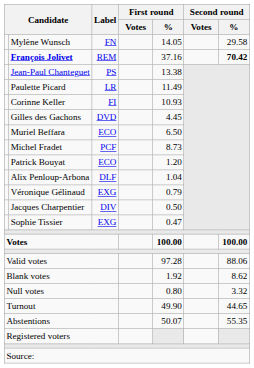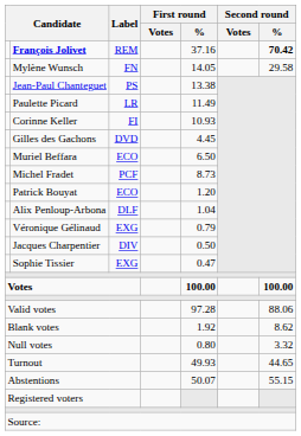 <table class="wikitable" style="text-align:right;font-size:95%;">
 <tr>
 <th rowspan="2" colspan="2">Candidate</th>
 <th rowspan="2">Label</th>
 <th colspan="2">First round</th>
 <th colspan="2">Second round</th>
 </tr>
 <tr>
 <th style="width:50px;">Votes</th>
 <th style="width:45px;">%</th>
 <th style="width:50px;">Votes</th>
 <th style="width:45px;">%</th>
 </tr>
 <tr>
 <td style="color:inherit;background:"></td>
+<td style="text-align:left;"><strong><a href='#'>François Jolivet</a></strong></td>
+<td><a href='#'>REM</a></td>
+<td></td>
+<td>37.16</td>
+<td><strong></strong></td>
+<td><strong>70.42</strong></td>
+</tr>
+<tr>
+<td style="color:inherit;background:"></td>
 <td style="text-align:left;">Mylène Wunsch</td>
 <td><a href='#'>FN</a></td>
 <td></td>
 <td>14.05</td>
 <td></td>
 <td>29.58</td>
-</tr>
-<tr>
-<td style="color:inherit;background:"></td>
-<td style="text-align:left;"><strong><a href='#'>François Jolivet</a></strong></td>
-<td><a href='#'>REM</a></td>
-<td></td>
-<td>37.16</td>
-<td><strong></strong></td>
-<td><strong>70.42</strong></td>
 </tr>
 <tr>
 <td style="color:inherit;background:"></td>
 <td style="text-align:left;"><a href='#'>Jean-Paul Chanteguet</a></td>
 <td><a href='#'>PS</a></td>
 <td></td>
 <td>13.38</td>
 <td colspan="2" rowspan="11" style="background:#E9E9E9;"></td>
 </tr>
 <tr>
 <td style="color:inherit;background:"></td>
 <td style="text-align:left;">Paulette Picard</td>
 <td><a href='#'>LR</a></td>
 <td></td>
 <td>11.49</td>
 </tr>
 <tr>
 <td style="color:inherit;background:"></td>
 <td style="text-align:left;">Corinne Keller</td>
 <td><a href='#'>FI</a></td>
 <td></td>
 <td>10.93</td>
 </tr>
 <tr>
 <td style="color:inherit;background:"></td>
 <td style="text-align:left;">Gilles des Gachons</td>
 <td><a href='#'>DVD</a></td>
 <td></td>
 <td>4.45</td>
 </tr>
 <tr>
 <td style="color:inherit;background:"></td>
 <td style="text-align:left;">Muriel Beffara</td>
 <td><a href='#'>ECO</a></td>
 <td></td>
 <td>6.50</td>
 </tr>
 <tr>
 <td style="color:inherit;background:"></td>
 <td style="text-align:left;">Michel Fradet</td>
 <td><a href='#'>PCF</a></td>
 <td></td>
 <td>8.73</td>
 </tr>
 <tr>
 <td style="color:inherit;background:"></td>
 <td style="text-align:left;">Patrick Bouyat</td>
 <td><a href='#'>ECO</a></td>
 <td></td>
 <td>1.20</td>
 </tr>
 <tr>
 <td style="color:inherit;background:"></td>
 <td style="text-align:left;">Alix Penloup-Arbona</td>
 <td><a href='#'>DLF</a></td>
 <td></td>
 <td>1.04</td>
 </tr>
 <tr>
 <td style="color:inherit;background:"></td>
 <td style="text-align:left;">Véronique Gélinaud</td>
 <td><a href='#'>EXG</a></td>
 <td></td>
 <td>0.79</td>
 </tr>
 <tr>
 <td style="color:inherit;background:"></td>
 <td style="text-align:left;">Jacques Charpentier</td>
 <td><a href='#'>DIV</a></td>
 <td></td>
 <td>0.50</td>
 </tr>
 <tr>
 <td style="color:inherit;background:"></td>
 <td style="text-align:left;">Sophie Tissier</td>
 <td><a href='#'>EXG</a></td>
 <td></td>
 <td>0.47</td>
 </tr>
 <tr>
 <td colspan="7" style="background:#E9E9E9;"></td>
 </tr>
 <tr style="font-weight:bold;">
 <td colspan="3" style="text-align:left;">Votes</td>
 <td></td>
 <td>100.00</td>
 <td></td>
 <td>100.00</td>
 </tr>
 <tr>
 <td colspan="7" style="background:#E9E9E9;"></td>
 </tr>
 <tr>
 <td colspan="3" style="text-align:left;">Valid votes</td>
 <td></td>
 <td>97.28</td>
 <td></td>
 <td>88.06</td>
 </tr>
 <tr>
 <td colspan="3" style="text-align:left;">Blank votes</td>
 <td></td>
 <td>1.92</td>
 <td></td>
 <td>8.62</td>
 </tr>
 <tr>
 <td colspan="3" style="text-align:left;">Null votes</td>
 <td></td>
 <td>0.80</td>
 <td></td>
 <td>3.32</td>
 </tr>
 <tr>
 <td colspan="3" style="text-align:left;">Turnout</td>
 <td></td>
-<td>49.90</td>
+<td>49.93</td>
 <td></td>
 <td>44.65</td>
 </tr>
 <tr>
 <td colspan="3" style="text-align:left;">Abstentions</td>
 <td></td>
 <td>50.07</td>
 <td></td>
-<td>55.35</td>
+<td>55.15</td>
 </tr>
 <tr>
 <td colspan="3" style="text-align:left;">Registered voters</td>
 <td></td>
 <td style="color:inherit;background:#E9E9E9;"></td>
 <td></td>
 <td style="color:inherit;background:#E9E9E9;"></td>
 </tr>
 <tr>
 <td colspan="7" style="background:#E9E9E9;"></td>
 </tr>
 <tr>
 <td colspan="7" style="text-align:left;">Source: </td>
 </tr>
 </table>
